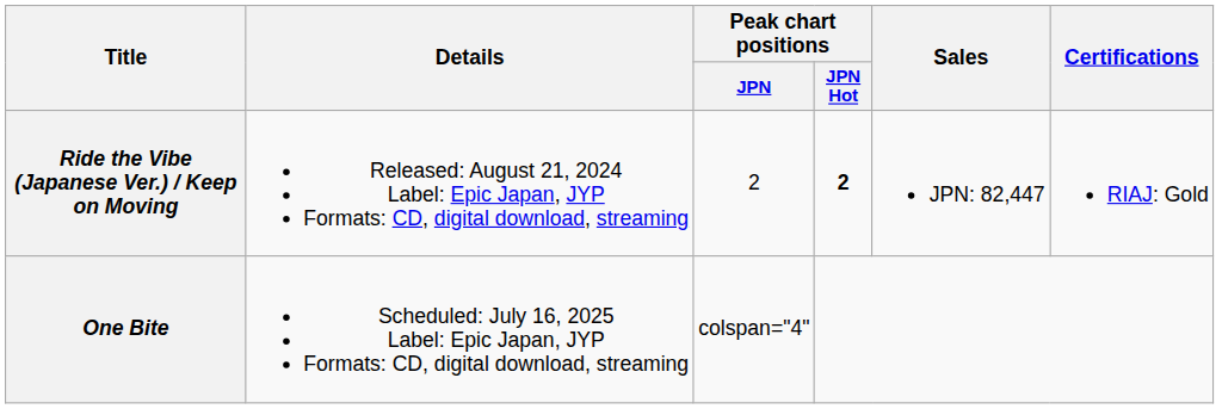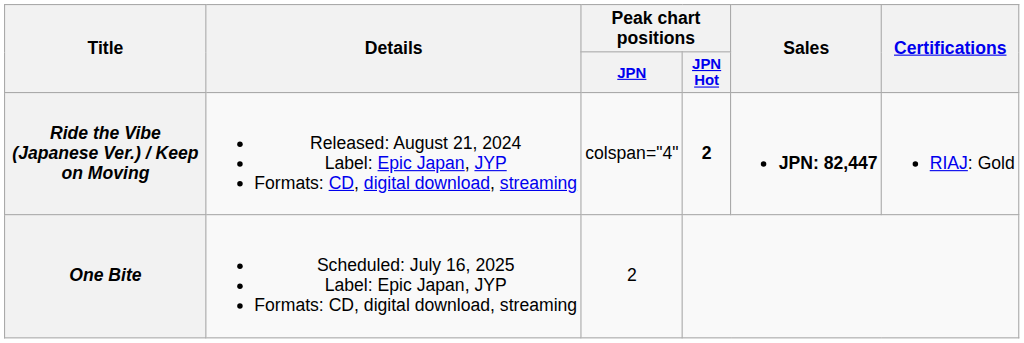 <table class="wikitable plainrowheaders" style="text-align:center">
 <tr>
 <th scope="col" rowspan="2" style="width:11em">Title</th>
 <th scope="col" rowspan="2">Details</th>
 <th scope="col" colspan="2">Peak chart positions</th>
 <th scope="col" rowspan="2">Sales</th>
 <th scope="col" rowspan="2"><a href='#'>Certifications</a></th>
 </tr>
 <tr>
 <th scope="col" style="width:2.75em;font-size:85%"><a href='#'>JPN</a><br></th>
 <th scope="col" style="width:2.75em;font-size:85%"><a href='#'>JPN<br>Hot</a><br></th>
 </tr>
 <tr>
 <th scope="row"><em>Ride the Vibe (Japanese Ver.) / Keep on Moving</em></th>
 <td><br><ul><li>Released: August 21, 2024</li><li>Label: <a href='#'>Epic Japan</a>, <a href='#'>JYP</a></li><li>Formats: <a href='#'>CD</a>, <a href='#'>digital download</a>, <a href='#'>streaming</a></li></ul></td>
-<td>2</td>
+<td>colspan="4" </td>
 <td><strong>2</strong></td>
-<td><br><ul><li>JPN: 82,447</li></ul></td>
+<td><strong><br><ul><li>JPN: 82,447</li></ul></strong></td>
 <td><br><ul><li><a href='#'>RIAJ</a>: Gold </li></ul></td>
 </tr>
 <tr>
 <th scope="row"><em>One Bite</em></th>
 <td><br><ul><li>Scheduled: July 16, 2025</li><li>Label: Epic Japan, JYP</li><li>Formats: CD, digital download, streaming</li></ul></td>
-<td>colspan="4" </td>
+<td>2</td>
 </tr>
 </table>
